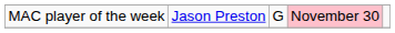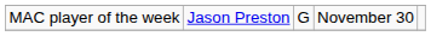 <table class="wikitable sortable" border="1">
 <tr align=center>
 </tr>
 <tr align="center">
 <td>MAC player of the week</td>
 <td><a href='#'>Jason Preston</a></td>
 <td>G</td>
-<td style="background: pink;">November 30</td>
+<td>November 30</td>
 <td></td>
 </tr>
 <tr align="center">
 </tr>
 </table>
